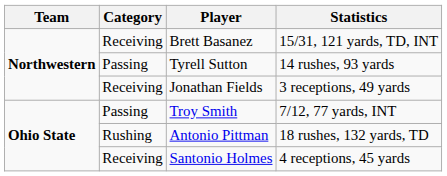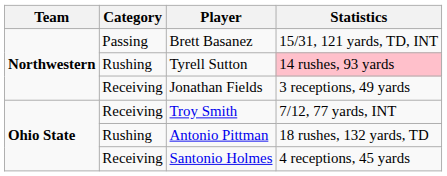 <table class="wikitable" style="float: left;">
 <tr>
 <th>Team</th>
 <th>Category</th>
 <th>Player</th>
 <th>Statistics</th>
 </tr>
 <tr>
 <td rowspan=3><strong>Northwestern</strong></td>
-<td>Receiving</td>
+<td>Passing</td>
 <td>Brett Basanez</td>
 <td>15/31, 121 yards, TD, INT</td>
 </tr>
 <tr>
-<td>Passing</td>
+<td>Rushing</td>
 <td>Tyrell Sutton</td>
-<td>14 rushes, 93 yards</td>
+<td style="background: pink;">14 rushes, 93 yards</td>
 </tr>
 <tr>
 <td>Receiving</td>
 <td>Jonathan Fields</td>
 <td>3 receptions, 49 yards</td>
 </tr>
 <tr>
 <td rowspan=3><strong>Ohio State</strong></td>
-<td>Passing</td>
+<td>Receiving</td>
 <td><a href='#'>Troy Smith</a></td>
 <td>7/12, 77 yards, INT</td>
 </tr>
 <tr>
 <td>Rushing</td>
 <td><a href='#'>Antonio Pittman</a></td>
 <td>18 rushes, 132 yards, TD</td>
 </tr>
 <tr>
 <td>Receiving</td>
 <td><a href='#'>Santonio Holmes</a></td>
 <td>4 receptions, 45 yards</td>
 </tr>
 </table>
